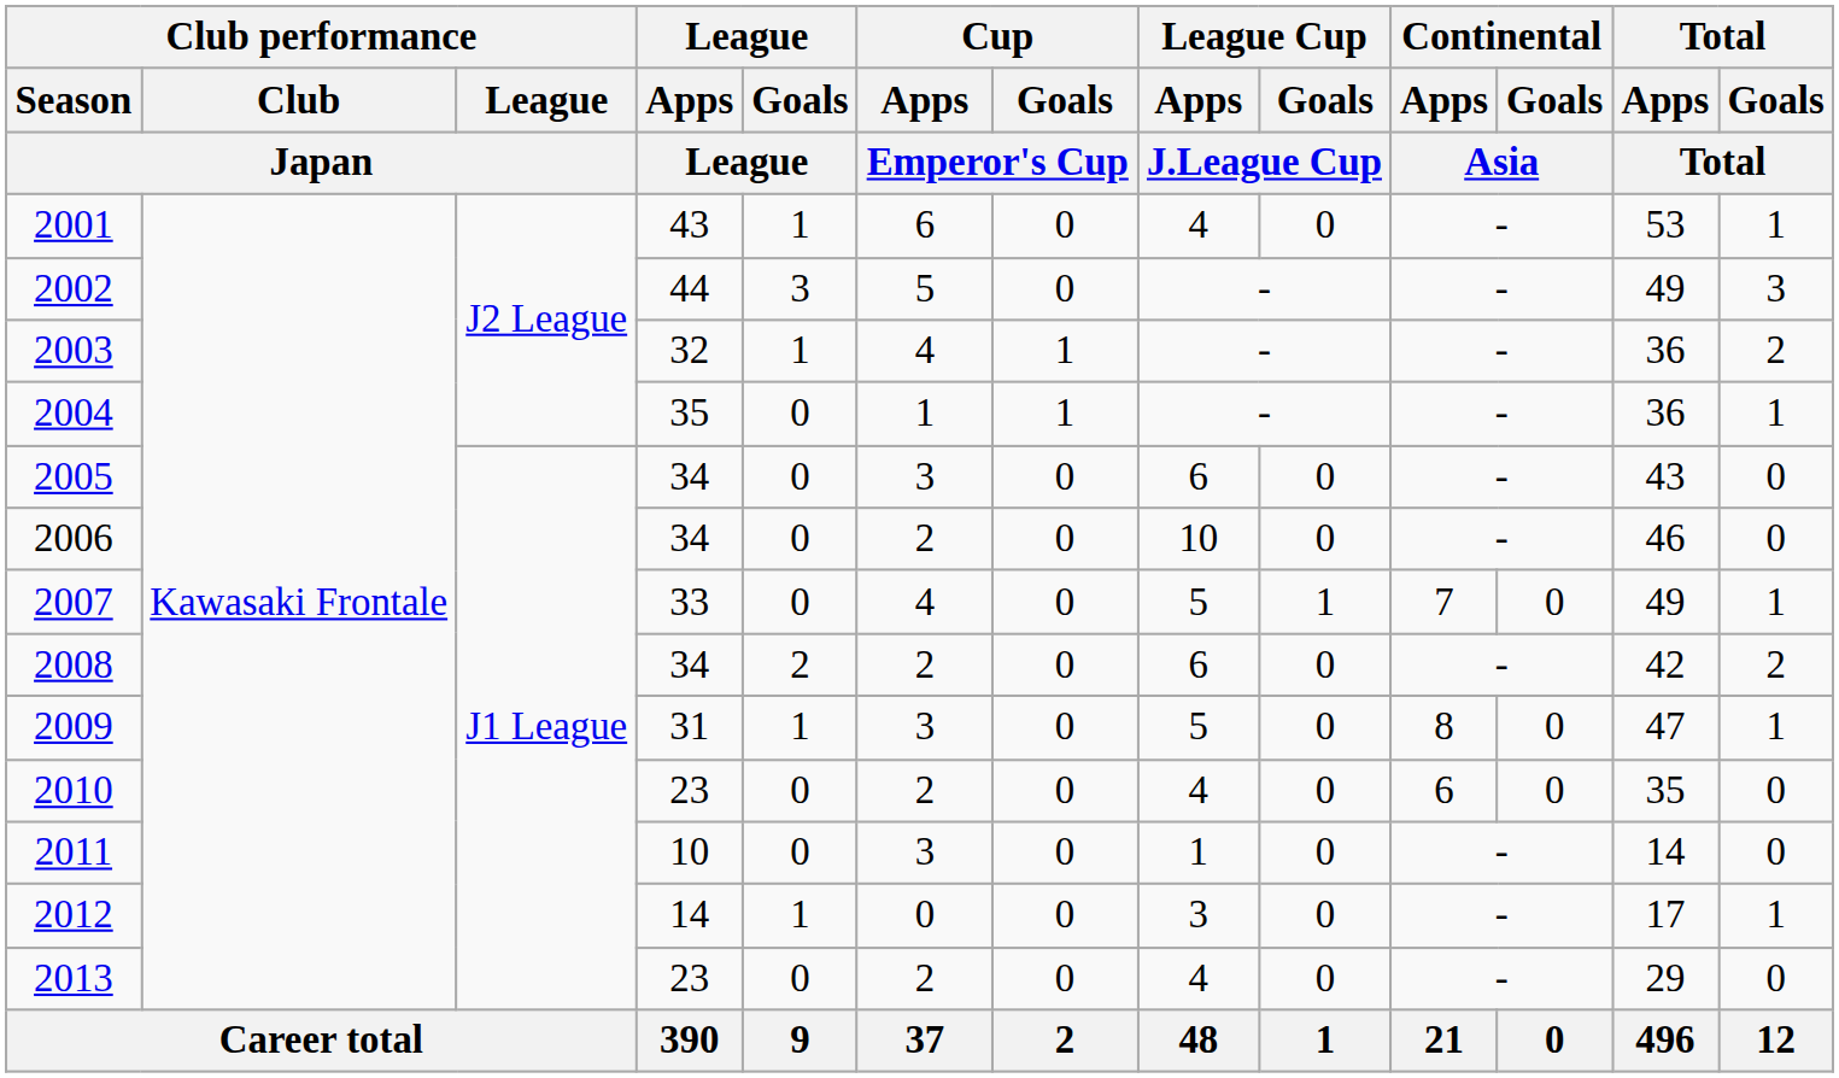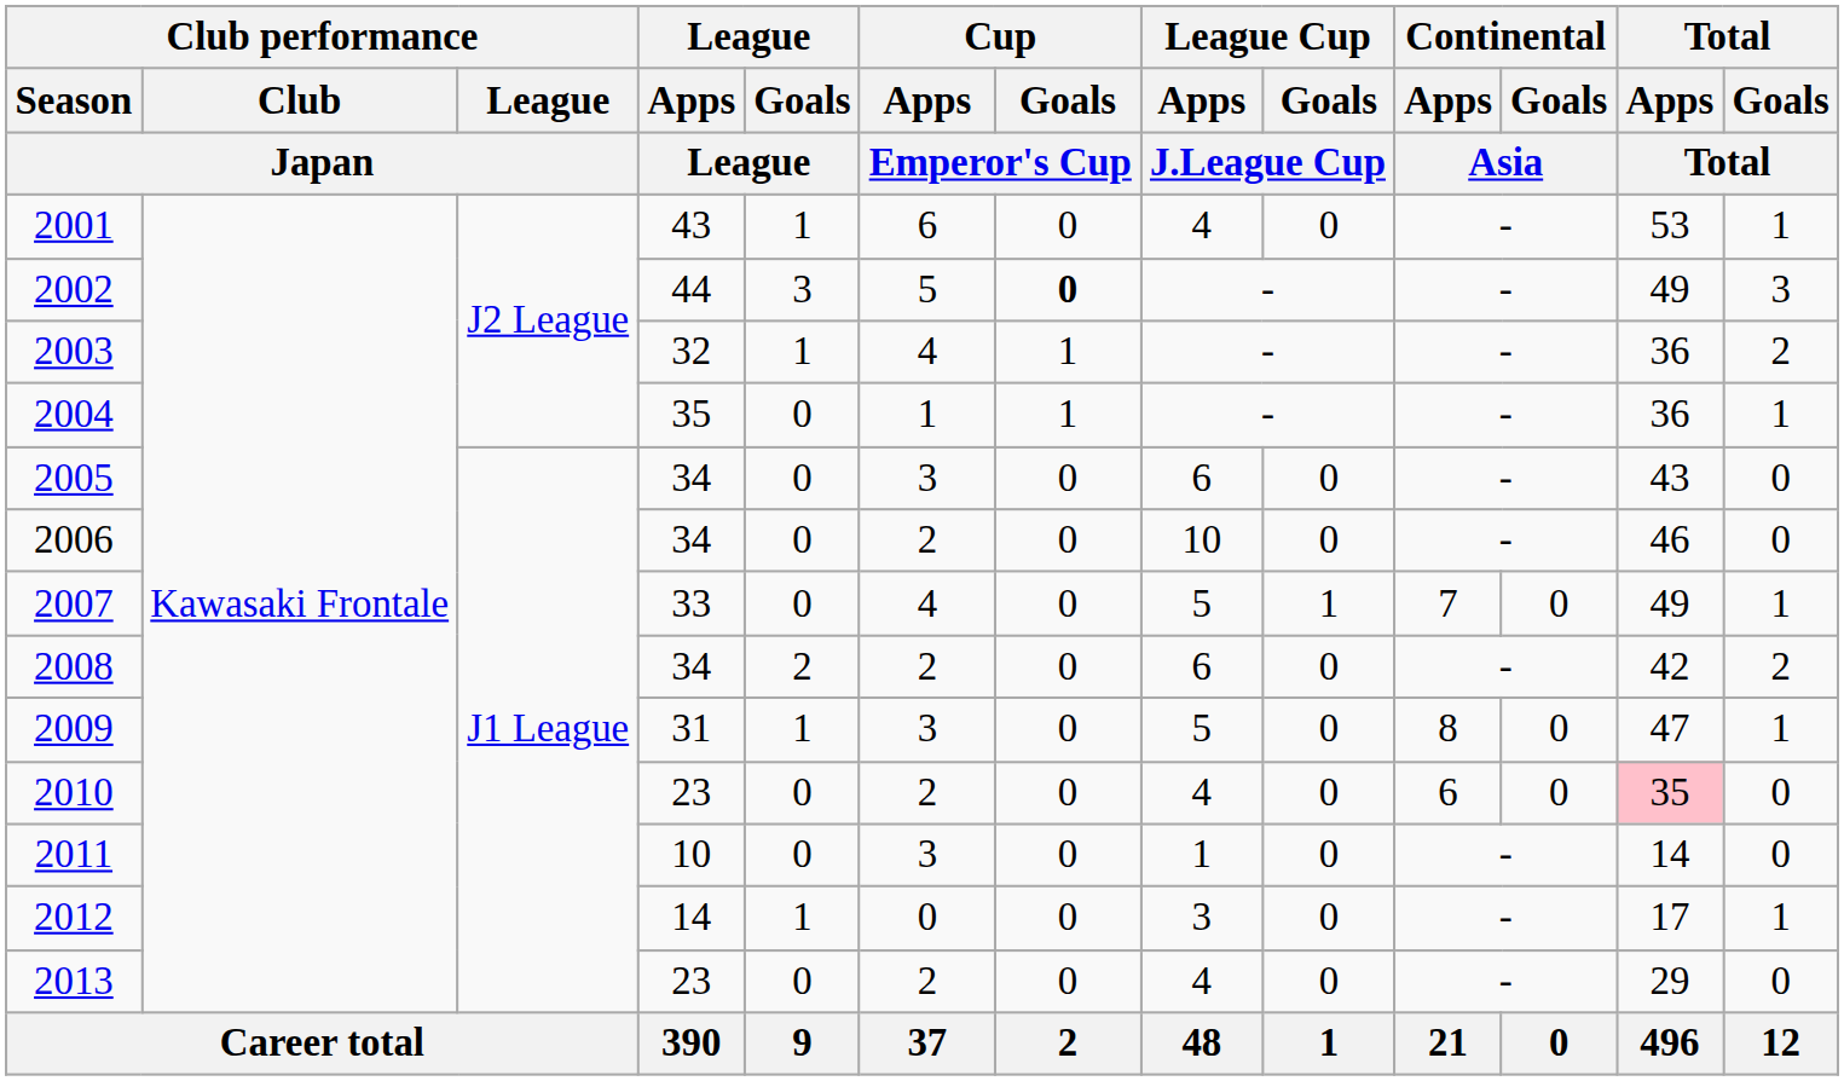 <table class="wikitable" style="text-align:center">
 <tr>
 <th colspan=3>Club performance</th>
 <th colspan=2>League</th>
 <th colspan=2>Cup</th>
 <th colspan=2>League Cup</th>
 <th colspan=2>Continental</th>
 <th colspan=2>Total</th>
 </tr>
 <tr>
 <th>Season</th>
 <th>Club</th>
 <th>League</th>
 <th>Apps</th>
 <th>Goals</th>
 <th>Apps</th>
 <th>Goals</th>
 <th>Apps</th>
 <th>Goals</th>
 <th>Apps</th>
 <th>Goals</th>
 <th>Apps</th>
 <th>Goals</th>
 </tr>
 <tr>
 <th colspan=3>Japan</th>
 <th colspan=2>League</th>
 <th colspan=2><a href='#'>Emperor's Cup</a></th>
 <th colspan=2><a href='#'>J.League Cup</a></th>
 <th colspan=2><a href='#'>Asia</a></th>
 <th colspan=2>Total</th>
 </tr>
 <tr>
 <td><a href='#'>2001</a></td>
 <td rowspan="13"><a href='#'>Kawasaki Frontale</a></td>
 <td rowspan="4"><a href='#'>J2 League</a></td>
 <td>43</td>
 <td>1</td>
 <td>6</td>
 <td>0</td>
 <td>4</td>
 <td>0</td>
 <td colspan="2">-</td>
 <td>53</td>
 <td>1</td>
 </tr>
 <tr>
 <td><a href='#'>2002</a></td>
 <td>44</td>
 <td>3</td>
 <td>5</td>
-<td>0</td>
+<td><strong>0</strong></td>
 <td colspan="2">-</td>
 <td colspan="2">-</td>
 <td>49</td>
 <td>3</td>
 </tr>
 <tr>
 <td><a href='#'>2003</a></td>
 <td>32</td>
 <td>1</td>
 <td>4</td>
 <td>1</td>
 <td colspan="2">-</td>
 <td colspan="2">-</td>
 <td>36</td>
 <td>2</td>
 </tr>
 <tr>
 <td><a href='#'>2004</a></td>
 <td>35</td>
 <td>0</td>
 <td>1</td>
 <td>1</td>
 <td colspan="2">-</td>
 <td colspan="2">-</td>
 <td>36</td>
 <td>1</td>
 </tr>
 <tr>
 <td><a href='#'>2005</a></td>
 <td rowspan="9"><a href='#'>J1 League</a></td>
 <td>34</td>
 <td>0</td>
 <td>3</td>
 <td>0</td>
 <td>6</td>
 <td>0</td>
 <td colspan="2">-</td>
 <td>43</td>
 <td>0</td>
 </tr>
 <tr>
 <td>2006</td>
 <td>34</td>
 <td>0</td>
 <td>2</td>
 <td>0</td>
 <td>10</td>
 <td>0</td>
 <td colspan="2">-</td>
 <td>46</td>
 <td>0</td>
 </tr>
 <tr>
 <td><a href='#'>2007</a></td>
 <td>33</td>
 <td>0</td>
 <td>4</td>
 <td>0</td>
 <td>5</td>
 <td>1</td>
 <td>7</td>
 <td>0</td>
 <td>49</td>
 <td>1</td>
 </tr>
 <tr>
 <td><a href='#'>2008</a></td>
 <td>34</td>
 <td>2</td>
 <td>2</td>
 <td>0</td>
 <td>6</td>
 <td>0</td>
 <td colspan="2">-</td>
 <td>42</td>
 <td>2</td>
 </tr>
 <tr>
 <td><a href='#'>2009</a></td>
 <td>31</td>
 <td>1</td>
 <td>3</td>
 <td>0</td>
 <td>5</td>
 <td>0</td>
 <td>8</td>
 <td>0</td>
 <td>47</td>
 <td>1</td>
 </tr>
 <tr>
 <td><a href='#'>2010</a></td>
 <td>23</td>
 <td>0</td>
 <td>2</td>
 <td>0</td>
 <td>4</td>
 <td>0</td>
 <td>6</td>
 <td>0</td>
-<td>35</td>
+<td style="background: pink;">35</td>
 <td>0</td>
 </tr>
 <tr>
 <td><a href='#'>2011</a></td>
 <td>10</td>
 <td>0</td>
 <td>3</td>
 <td>0</td>
 <td>1</td>
 <td>0</td>
 <td colspan="2">-</td>
 <td>14</td>
 <td>0</td>
 </tr>
 <tr>
 <td><a href='#'>2012</a></td>
 <td>14</td>
 <td>1</td>
 <td>0</td>
 <td>0</td>
 <td>3</td>
 <td>0</td>
 <td colspan="2">-</td>
 <td>17</td>
 <td>1</td>
 </tr>
 <tr>
 <td><a href='#'>2013</a></td>
 <td>23</td>
 <td>0</td>
 <td>2</td>
 <td>0</td>
 <td>4</td>
 <td>0</td>
 <td colspan="2">-</td>
 <td>29</td>
 <td>0</td>
 </tr>
 <tr>
 <th colspan=3>Career total</th>
 <th>390</th>
 <th>9</th>
 <th>37</th>
 <th>2</th>
 <th>48</th>
 <th>1</th>
 <th>21</th>
 <th>0</th>
 <th>496</th>
 <th>12</th>
 </tr>
 </table>
